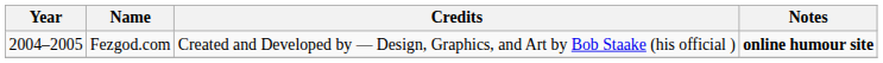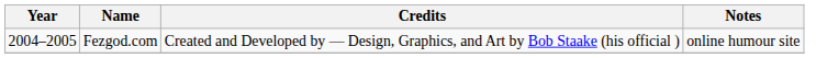 <table class="wikitable">
 <tr>
 <th rowspan="1">Year</th>
 <th rowspan="1">Name</th>
 <th rowspan="1">Credits</th>
 <th rowspan="1">Notes</th>
 </tr>
 <tr>
 <td>2004–2005</td>
 <td>Fezgod.com</td>
 <td>Created and Developed by — Design, Graphics, and Art by <a href='#'>Bob Staake</a> (his official )</td>
-<td><strong>online humour site</strong></td>
+<td>online humour site</td>
 </tr>
 <tr>
 </tr>
 </table>
